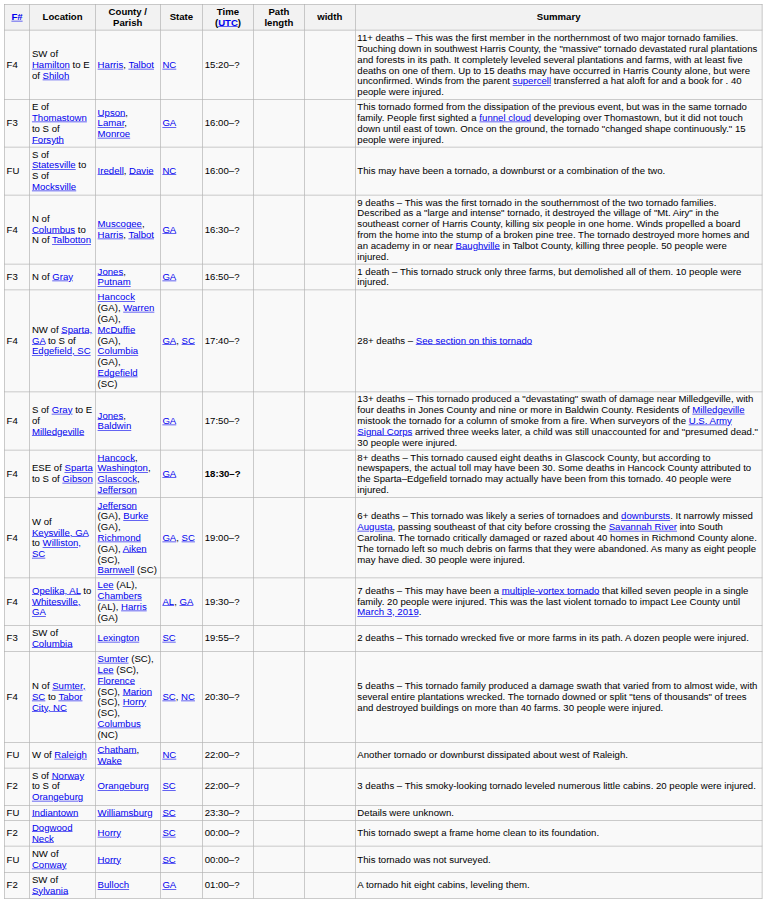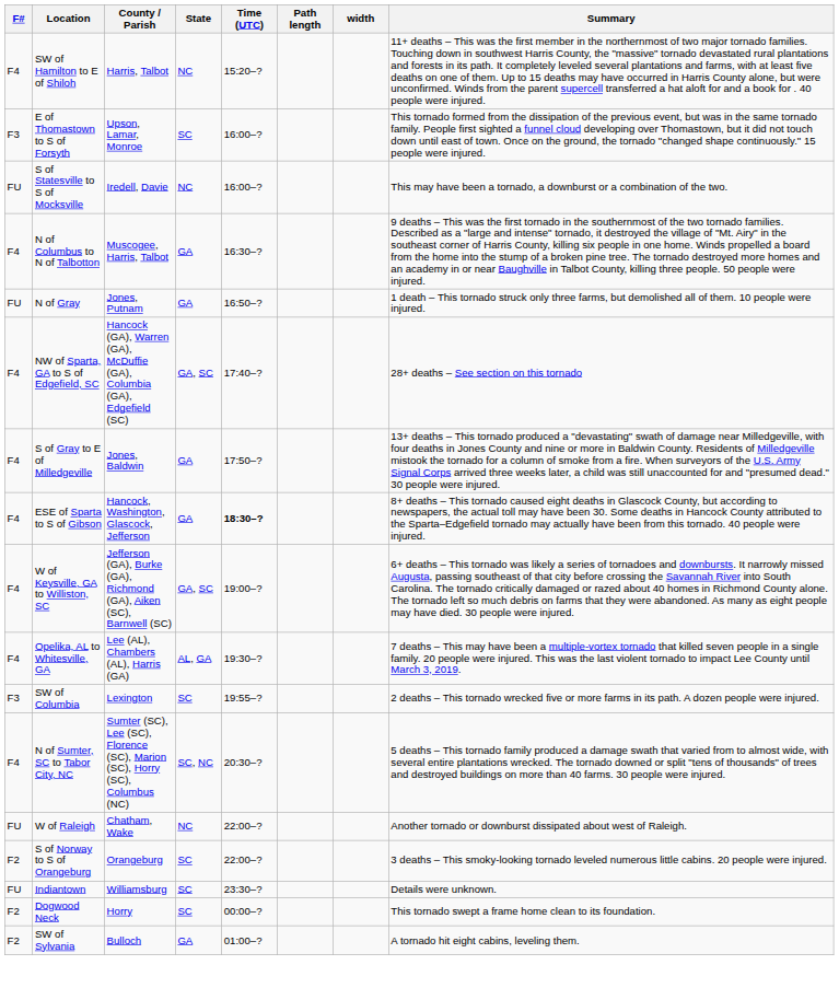 <table class="wikitable sortable" style="width:100%;">
 <tr>
 <th scope="col"  style="width:3%; text-align:center;"><a href='#'>F#</a></th>
 <th scope="col"  style="width:7%; text-align:center;" class="unsortable">Location</th>
 <th scope="col"  style="width:6%; text-align:center;" class="unsortable">County / Parish</th>
 <th scope="col"  style="width:5%; text-align:center;">State</th>
 <th scope="col"  style="width:6%; text-align:center;">Time (<a href='#'>UTC</a>)</th>
 <th scope="col"  style="width:6%; text-align:center;">Path length</th>
 <th scope="col"  style="width:6%; text-align:center;"> width</th>
 <th scope="col" class="unsortable" style="width:48%; text-align:center;">Summary</th>
 </tr>
 <tr>
 <td>F4</td>
 <td>SW of <a href='#'>Hamilton</a> to E of <a href='#'>Shiloh</a></td>
 <td><a href='#'>Harris</a>, <a href='#'>Talbot</a></td>
 <td><a href='#'>NC</a></td>
 <td>15:20–?</td>
 <td></td>
 <td></td>
 <td>11+ deaths – This was the first member in the northernmost of two major tornado families. Touching down in southwest Harris County, the "massive" tornado devastated rural plantations and forests in its path. It completely leveled several plantations and farms, with at least five deaths on one of them. Up to 15 deaths may have occurred in Harris County alone, but were unconfirmed. Winds from the parent <a href='#'>supercell</a> transferred a hat aloft for  and a book for . 40 people were injured.</td>
 </tr>
 <tr>
 <td>F3</td>
 <td>E of <a href='#'>Thomastown</a> to S of <a href='#'>Forsyth</a></td>
 <td><a href='#'>Upson</a>, <a href='#'>Lamar</a>, <a href='#'>Monroe</a></td>
-<td><a href='#'>GA</a></td>
+<td><a href='#'>SC</a></td>
 <td>16:00–?</td>
 <td></td>
 <td></td>
 <td>This tornado formed  from the dissipation of the previous event, but was in the same tornado family. People first sighted a <a href='#'>funnel cloud</a> developing over Thomastown, but it did not touch down until east of town. Once on the ground, the tornado "changed shape continuously." 15 people were injured.</td>
 </tr>
 <tr>
 <td>FU</td>
 <td>S of <a href='#'>Statesville</a> to S of <a href='#'>Mocksville</a></td>
 <td><a href='#'>Iredell</a>, <a href='#'>Davie</a></td>
 <td><a href='#'>NC</a></td>
 <td>16:00–?</td>
 <td></td>
 <td></td>
 <td>This may have been a tornado, a downburst or a combination of the two.</td>
 </tr>
 <tr>
 <td>F4</td>
 <td>N of <a href='#'>Columbus</a> to N of <a href='#'>Talbotton</a></td>
 <td><a href='#'>Muscogee</a>, <a href='#'>Harris</a>, <a href='#'>Talbot</a></td>
 <td><a href='#'>GA</a></td>
 <td>16:30–?</td>
 <td></td>
 <td></td>
 <td>9 deaths – This was the first tornado in the southernmost of the two tornado families. Described as a "large and intense" tornado, it destroyed the village of "Mt. Airy" in the southeast corner of Harris County, killing six people in one home. Winds propelled a board from the home  into the stump of a broken pine tree. The tornado destroyed more homes and an academy in or near <a href='#'>Baughville</a> in Talbot County, killing three people. 50 people were injured.</td>
 </tr>
 <tr>
-<td>F3</td>
+<td>FU</td>
 <td>N of <a href='#'>Gray</a></td>
 <td><a href='#'>Jones</a>, <a href='#'>Putnam</a></td>
 <td><a href='#'>GA</a></td>
 <td>16:50–?</td>
 <td></td>
 <td></td>
 <td>1 death – This tornado struck only three farms, but demolished all of them. 10 people were injured.</td>
 </tr>
 <tr>
 <td>F4</td>
 <td>NW of <a href='#'>Sparta, GA</a> to S of <a href='#'>Edgefield, SC</a></td>
 <td><a href='#'>Hancock</a> (GA), <a href='#'>Warren</a> (GA), <a href='#'>McDuffie</a> (GA), <a href='#'>Columbia</a> (GA), <a href='#'>Edgefield</a> (SC)</td>
 <td><a href='#'>GA</a>, <a href='#'>SC</a></td>
 <td>17:40–?</td>
 <td></td>
 <td></td>
 <td>28+ deaths – <a href='#'>See section on this tornado</a></td>
 </tr>
 <tr>
 <td>F4</td>
 <td>S of <a href='#'>Gray</a> to E of <a href='#'>Milledgeville</a></td>
 <td><a href='#'>Jones</a>, <a href='#'>Baldwin</a></td>
 <td><a href='#'>GA</a></td>
 <td>17:50–?</td>
 <td></td>
 <td></td>
 <td>13+ deaths – This tornado produced a "devastating" swath of damage near Milledgeville, with four deaths in Jones County and nine or more in Baldwin County. Residents of <a href='#'>Milledgeville</a> mistook the tornado for a column of smoke from a fire. When surveyors of the <a href='#'>U.S. Army Signal Corps</a> arrived three weeks later, a child was still unaccounted for and "presumed dead." 30 people were injured.</td>
 </tr>
 <tr>
 <td>F4</td>
 <td>ESE of <a href='#'>Sparta</a> to S of <a href='#'>Gibson</a></td>
 <td><a href='#'>Hancock</a>, <a href='#'>Washington</a>, <a href='#'>Glascock</a>, <a href='#'>Jefferson</a></td>
 <td><a href='#'>GA</a></td>
 <td><strong>18:30–?</strong></td>
 <td></td>
 <td></td>
 <td>8+ deaths – This tornado caused eight deaths in Glascock County, but according to newspapers, the actual toll may have been 30. Some deaths in Hancock County attributed to the Sparta–Edgefield tornado may actually have been from this tornado. 40 people were injured.</td>
 </tr>
 <tr>
 <td>F4</td>
 <td>W of <a href='#'>Keysville, GA</a> to <a href='#'>Williston, SC</a></td>
 <td><a href='#'>Jefferson</a> (GA), <a href='#'>Burke</a> (GA), <a href='#'>Richmond</a> (GA), <a href='#'>Aiken</a> (SC), <a href='#'>Barnwell</a> (SC)</td>
 <td><a href='#'>GA</a>, <a href='#'>SC</a></td>
 <td>19:00–?</td>
 <td></td>
 <td></td>
 <td>6+ deaths – This tornado was likely a series of tornadoes and <a href='#'>downbursts</a>. It narrowly missed <a href='#'>Augusta</a>, passing  southeast of that city before crossing the <a href='#'>Savannah River</a> into South Carolina. The tornado critically damaged or razed about 40 homes in Richmond County alone. The tornado left so much debris on farms that they were abandoned. As many as eight people may have died. 30 people were injured.</td>
 </tr>
 <tr>
 <td>F4</td>
 <td><a href='#'>Opelika, AL</a> to <a href='#'>Whitesville, GA</a></td>
 <td><a href='#'>Lee</a> (AL), <a href='#'>Chambers</a> (AL), <a href='#'>Harris</a> (GA)</td>
 <td><a href='#'>AL</a>, <a href='#'>GA</a></td>
 <td>19:30–?</td>
 <td></td>
 <td></td>
 <td>7 deaths – This may have been a <a href='#'>multiple-vortex tornado</a> that killed seven people in a single family. 20 people were injured. This was the last violent tornado to impact Lee County until <a href='#'>March 3, 2019</a>.</td>
 </tr>
 <tr>
 <td>F3</td>
 <td>SW of <a href='#'>Columbia</a></td>
 <td><a href='#'>Lexington</a></td>
 <td><a href='#'>SC</a></td>
 <td>19:55–?</td>
 <td></td>
 <td></td>
 <td>2 deaths – This tornado wrecked five or more farms in its path. A dozen people were injured.</td>
 </tr>
 <tr>
 <td>F4</td>
 <td>N of <a href='#'>Sumter, SC</a> to <a href='#'>Tabor City, NC</a></td>
 <td><a href='#'>Sumter</a> (SC), <a href='#'>Lee</a> (SC), <a href='#'>Florence</a> (SC), <a href='#'>Marion</a> (SC), <a href='#'>Horry</a> (SC), <a href='#'>Columbus</a> (NC)</td>
 <td><a href='#'>SC</a>, <a href='#'>NC</a></td>
 <td>20:30–?</td>
 <td></td>
 <td></td>
 <td>5 deaths – This tornado family produced a damage swath that varied from  to almost  wide, with several entire plantations wrecked. The tornado downed or split "tens of thousands" of trees and destroyed buildings on more than 40 farms. 30 people were injured.</td>
 </tr>
 <tr>
 <td>FU</td>
 <td>W of <a href='#'>Raleigh</a></td>
 <td><a href='#'>Chatham</a>, <a href='#'>Wake</a></td>
 <td><a href='#'>NC</a></td>
 <td>22:00–?</td>
 <td></td>
 <td></td>
 <td>Another tornado or downburst dissipated about  west of Raleigh.</td>
 </tr>
 <tr>
 <td>F2</td>
 <td>S of <a href='#'>Norway</a> to S of <a href='#'>Orangeburg</a></td>
 <td><a href='#'>Orangeburg</a></td>
 <td><a href='#'>SC</a></td>
 <td>22:00–?</td>
 <td></td>
 <td></td>
 <td>3 deaths – This smoky-looking tornado leveled numerous little cabins. 20 people were injured.</td>
 </tr>
 <tr>
 <td>FU</td>
 <td><a href='#'>Indiantown</a></td>
 <td><a href='#'>Williamsburg</a></td>
 <td><a href='#'>SC</a></td>
 <td>23:30–?</td>
 <td></td>
 <td></td>
 <td>Details were unknown.</td>
 </tr>
 <tr>
 <td>F2</td>
 <td><a href='#'>Dogwood Neck</a></td>
 <td><a href='#'>Horry</a></td>
 <td><a href='#'>SC</a></td>
 <td>00:00–?</td>
 <td></td>
 <td></td>
 <td>This tornado swept a frame home clean to its foundation.</td>
 </tr>
 <tr>
-<td>FU</td>
-<td>NW of <a href='#'>Conway</a></td>
-<td><a href='#'>Horry</a></td>
-<td><a href='#'>SC</a></td>
-<td>00:00–?</td>
-<td></td>
-<td></td>
-<td>This tornado was not surveyed.</td>
-</tr>
-<tr>
 <td>F2</td>
 <td>SW of <a href='#'>Sylvania</a></td>
 <td><a href='#'>Bulloch</a></td>
 <td><a href='#'>GA</a></td>
 <td>01:00–?</td>
 <td></td>
 <td></td>
 <td>A tornado hit eight cabins, leveling them.</td>
 </tr>
 </table>
